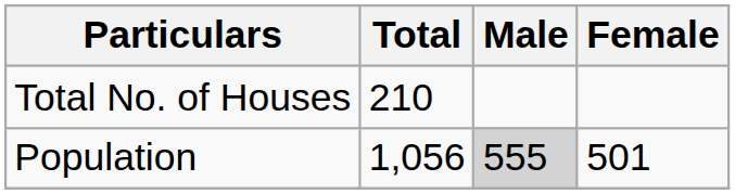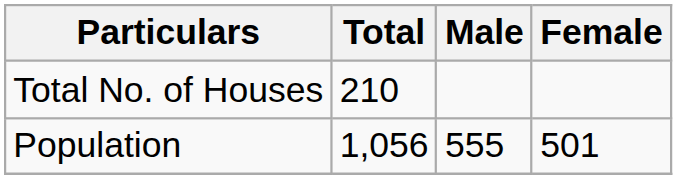 <table class="wikitable sortable">
 <tr>
 <th>Particulars</th>
 <th>Total</th>
 <th>Male</th>
 <th>Female</th>
 </tr>
 <tr>
 <td>Total No. of Houses</td>
 <td>210</td>
 <td></td>
 <td></td>
 </tr>
 <tr>
 <td>Population</td>
 <td>1,056</td>
-<td style="background: lightgrey;">555</td>
+<td>555</td>
 <td>501</td>
 </tr>
 <tr>
 </tr>
 </table>
